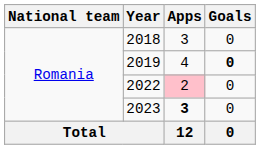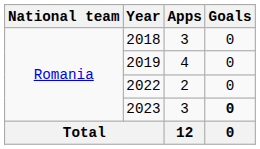 <table class="wikitable" style="text-align:center">
 <tr>
 <th>National team</th>
 <th>Year</th>
 <th>Apps</th>
 <th>Goals</th>
 </tr>
 <tr>
 <td rowspan="4"><a href='#'>Romania</a></td>
 <td>2018</td>
 <td>3</td>
 <td>0</td>
 </tr>
 <tr>
 <td>2019</td>
 <td>4</td>
-<td><strong>0</strong></td>
+<td>0</td>
 </tr>
 <tr>
 <td>2022</td>
-<td style="background: pink;">2</td>
+<td>2</td>
 <td>0</td>
 </tr>
 <tr>
 <td>2023</td>
-<td><strong>3</strong></td>
-<td>0</td>
+<td>3</td>
+<td><strong>0</strong></td>
 </tr>
 <tr>
 <th colspan="2">Total</th>
 <th>12</th>
 <th>0</th>
 </tr>
 </table>
